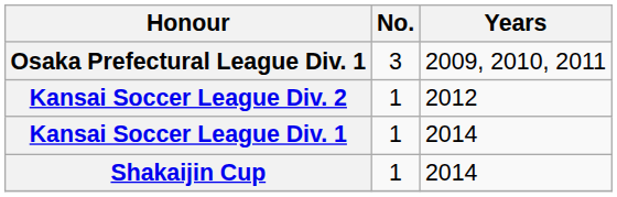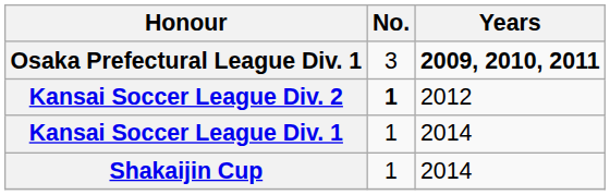 <table class="wikitable plainrowheaders">
 <tr>
 <th scope=col>Honour</th>
 <th scope=col>No.</th>
 <th scope=col>Years</th>
 </tr>
 <tr>
 <th scope=row>Osaka Prefectural League Div. 1</th>
 <td align="center">3</td>
-<td>2009, 2010, 2011</td>
+<td><strong>2009, 2010, 2011</strong></td>
 </tr>
 <tr>
 <th scope=row><a href='#'>Kansai Soccer League Div. 2</a></th>
-<td align="center">1</td>
+<td align="center"><strong>1</strong></td>
 <td>2012</td>
 </tr>
 <tr>
 <th scope=row><a href='#'>Kansai Soccer League Div. 1</a></th>
 <td align="center">1</td>
 <td>2014</td>
 </tr>
 <tr>
 <th scope=row><a href='#'>Shakaijin Cup</a></th>
 <td align="center">1</td>
 <td>2014</td>
 </tr>
 <tr>
 </tr>
 </table>
